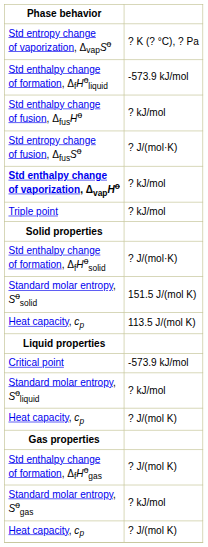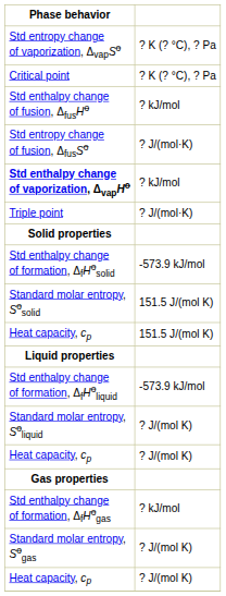 <table border="1" cellspacing="0" cellpadding="6" style="margin: 0 0 0 0.5em; background: #FFFFFF; border-collapse: collapse; border-color: #C0C090;">
 <tr>
 <th>Phase behavior</th>
 </tr>
 <tr>
 <td><a href='#'>Std entropy change<br>of vaporization</a>, Δ<sub>vap</sub><em>S</em><sup><s>o</s></sup></td>
 <td>? K (? °C), ? Pa</td>
 </tr>
 <tr>
-<td><a href='#'>Std enthalpy change<br>of formation</a>, Δ<sub>f</sub><em>H</em><sup><s>o</s></sup><sub>liquid</sub></td>
-<td>-573.9 kJ/mol</td>
+<td><a href='#'>Critical point</a></td>
+<td>? K (? °C), ? Pa</td>
 </tr>
 <tr>
 <td><a href='#'>Std enthalpy change<br>of fusion</a>, Δ<sub>fus</sub><em>H</em><sup><s>o</s></sup></td>
 <td>? kJ/mol</td>
 </tr>
 <tr>
 <td><a href='#'>Std entropy change<br>of fusion</a>, Δ<sub>fus</sub><em>S</em><sup><s>o</s></sup></td>
 <td>? J/(mol·K)</td>
 </tr>
 <tr>
 <td><strong><a href='#'>Std enthalpy change<br>of vaporization</a>, Δ<sub>vap</sub><em>H</em><sup><s>o</s></sup></strong></td>
 <td>? kJ/mol</td>
 </tr>
 <tr>
 <td><a href='#'>Triple point</a></td>
-<td>? kJ/mol</td>
+<td>? J/(mol·K)</td>
 </tr>
 <tr>
 <th>Solid properties</th>
 </tr>
 <tr>
 <td><a href='#'>Std enthalpy change<br>of formation</a>, Δ<sub>f</sub><em>H</em><sup><s>o</s></sup><sub>solid</sub></td>
-<td>? J/(mol·K)</td>
+<td>-573.9 kJ/mol</td>
 </tr>
 <tr>
 <td><a href='#'>Standard molar entropy</a>,<br><em>S</em><sup><s>o</s></sup><sub>solid</sub></td>
 <td>151.5 J/(mol K)</td>
 </tr>
 <tr>
 <td><a href='#'>Heat capacity</a>, <em>c<sub>p</sub></em></td>
-<td>113.5 J/(mol K)</td>
+<td>151.5 J/(mol K)</td>
 </tr>
 <tr>
 <th>Liquid properties</th>
 </tr>
 <tr>
-<td><a href='#'>Critical point</a></td>
+<td><a href='#'>Std enthalpy change<br>of formation</a>, Δ<sub>f</sub><em>H</em><sup><s>o</s></sup><sub>liquid</sub></td>
 <td>-573.9 kJ/mol</td>
 </tr>
 <tr>
 <td><a href='#'>Standard molar entropy</a>,<br><em>S</em><sup><s>o</s></sup><sub>liquid</sub></td>
-<td>? kJ/mol</td>
+<td>? J/(mol K)</td>
 </tr>
 <tr>
 <td><a href='#'>Heat capacity</a>, <em>c<sub>p</sub></em></td>
 <td>? J/(mol K)</td>
 </tr>
 <tr>
 <th>Gas properties</th>
 </tr>
 <tr>
 <td><a href='#'>Std enthalpy change<br>of formation</a>, Δ<sub>f</sub><em>H</em><sup><s>o</s></sup><sub>gas</sub></td>
-<td>? J/(mol K)</td>
+<td>? kJ/mol</td>
 </tr>
 <tr>
 <td><a href='#'>Standard molar entropy</a>,<br><em>S</em><sup><s>o</s></sup><sub>gas</sub></td>
-<td>? kJ/mol</td>
+<td>? J/(mol K)</td>
 </tr>
 <tr>
 <td><a href='#'>Heat capacity</a>, <em>c<sub>p</sub></em></td>
 <td>? J/(mol K)</td>
 </tr>
 <tr>
 </tr>
 </table>
